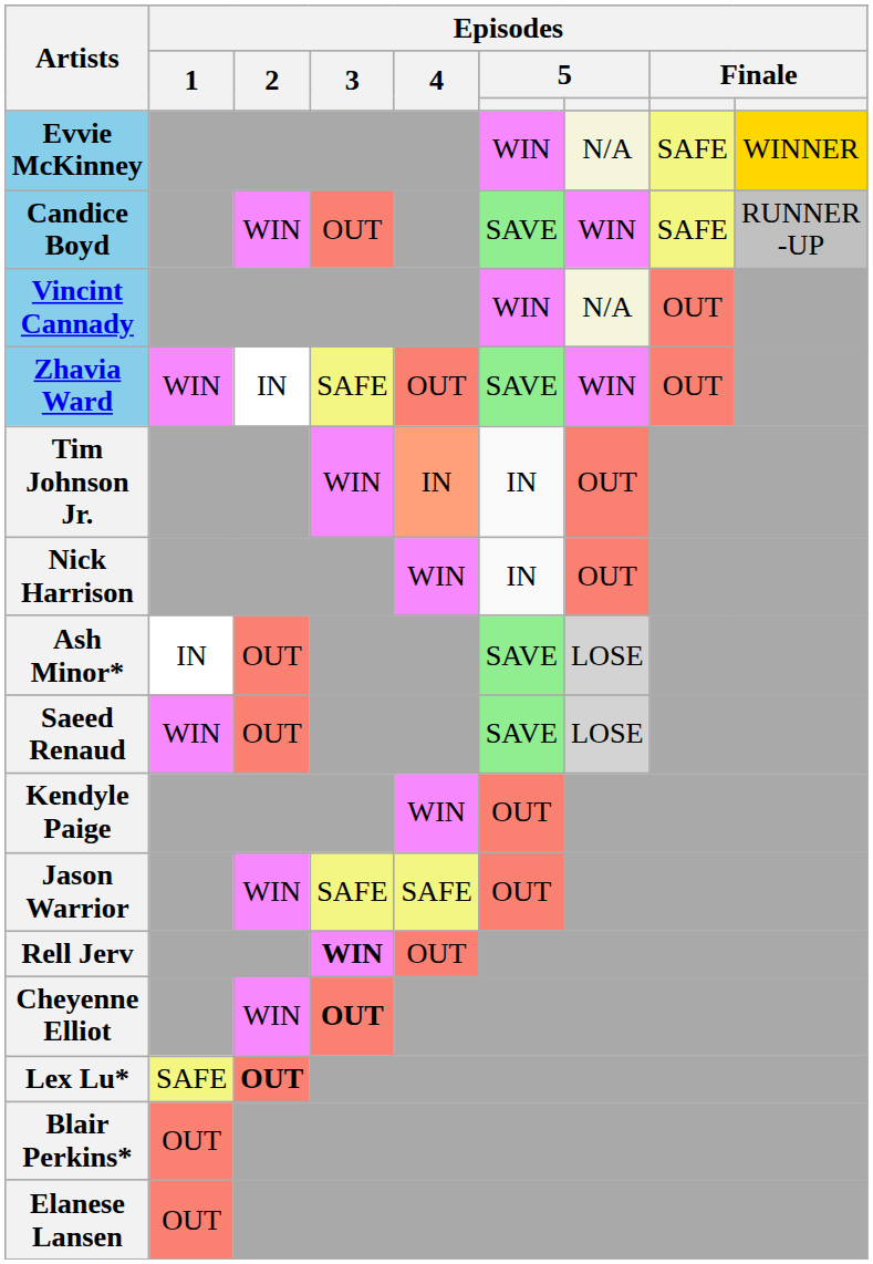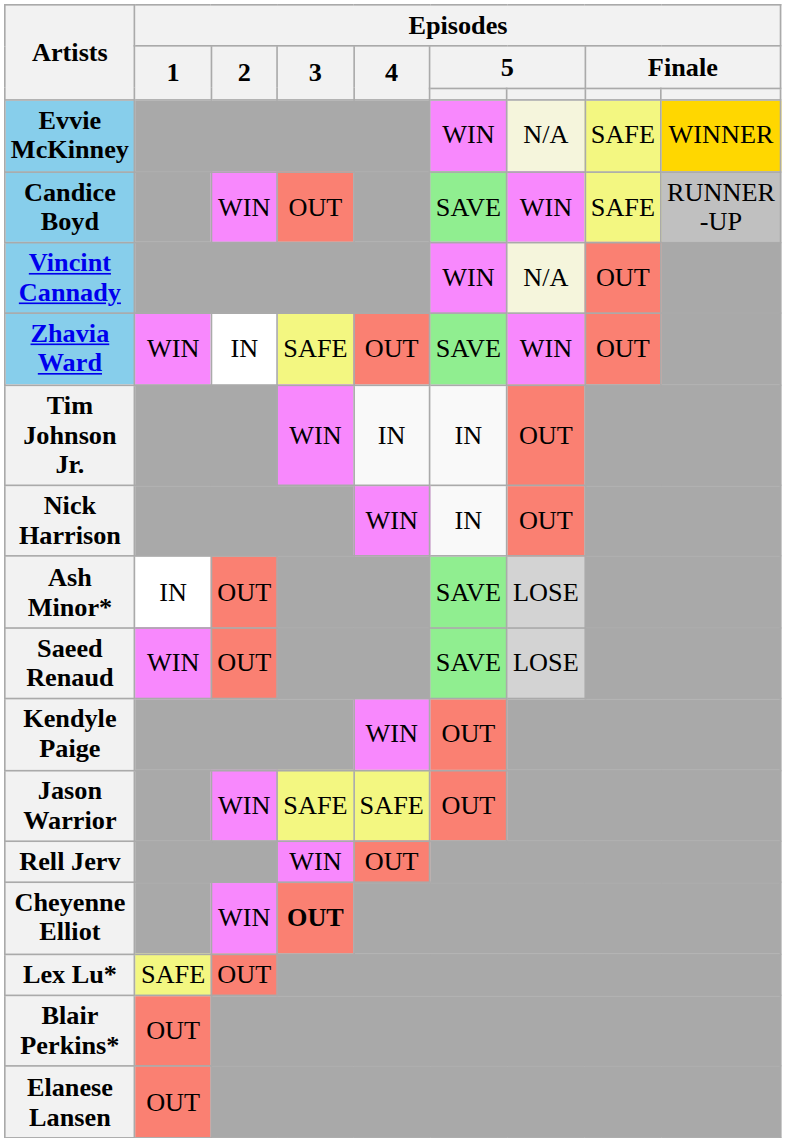 <table class="wikitable" style="text-align:center; width:30%;">
 <tr>
 <th rowspan="3" style="width:12%;">Artists</th>
 <th colspan="9" style="text-align:center;">Episodes</th>
 </tr>
 <tr>
 <th rowspan="2" style="text-align:center; width:4%;">1</th>
 <th rowspan="2" style="text-align:center; width:4%;">2</th>
 <th rowspan="2" style="text-align:center; width:4%;">3</th>
 <th rowspan="2" style="text-align:center; width:4%;">4</th>
 <th colspan="2" style="text-align:center; width:4%;">5</th>
 <th colspan="2" style="text-align:center; width:4%;">Finale</th>
 </tr>
 <tr>
 <th></th>
 <th></th>
 <th></th>
 <th></th>
 </tr>
 <tr>
 <th style="background:skyblue;">Evvie McKinney</th>
 <td colspan="4" style="background:darkgray;"></td>
 <td style="background:#F888FD;">WIN</td>
 <td style="background:beige;">N/A</td>
 <td style="background:#F3F781;">SAFE</td>
 <td style="background:gold;">WINNER</td>
 </tr>
 <tr>
 <th style="background:skyblue;">Candice Boyd</th>
 <td colspan="1" style="background:darkgray;"></td>
 <td style="background:#F888FD;">WIN</td>
 <td style="background:#FA8072;">OUT</td>
 <td colspan="1" style="background:darkgray;"></td>
 <td style="background:lightgreen;">SAVE</td>
 <td style="background:#F888FD;">WIN</td>
 <td style="background:#F3F781;">SAFE</td>
 <td style="background:silver;">RUNNER -UP</td>
 </tr>
 <tr>
 <th style="background:skyblue;"><a href='#'>Vincint Cannady</a></th>
 <td colspan="4" style="background:darkgray;"></td>
 <td style="background:#F888FD;">WIN</td>
 <td style="background:beige;">N/A</td>
 <td style="background:#FA8072;">OUT</td>
 <td style="background:darkgray;"></td>
 </tr>
 <tr>
 <th style="background:skyblue;"><a href='#'>Zhavia Ward</a></th>
 <td style="background:#F888FD;">WIN</td>
 <td style="background:white;">IN</td>
 <td style="background:#F3F781;">SAFE</td>
 <td style="background:#FA8072;">OUT</td>
 <td style="background:lightgreen;">SAVE</td>
 <td style="background:#F888FD;">WIN</td>
 <td style="background:#FA8072;">OUT</td>
 <td style="background:darkgray;"></td>
 </tr>
 <tr>
 <th>Tim Johnson Jr.</th>
 <td colspan="2" style="background:darkgray;"></td>
 <td style="background:#F888FD;">WIN</td>
-<td style="background: lightsalmon;">IN</td>
+<td>IN</td>
 <td>IN</td>
 <td style="background:#FA8072;">OUT</td>
 <td colspan="2" style="background:darkgray;"></td>
 </tr>
 <tr>
 <th>Nick Harrison</th>
 <td colspan="3" style="background:darkgray;"></td>
 <td style="background:#F888FD;">WIN</td>
 <td>IN</td>
 <td style="background:#FA8072;">OUT</td>
 <td colspan="2" style="background:darkgray;"></td>
 </tr>
 <tr>
 <th>Ash Minor*</th>
 <td style="background:white;">IN</td>
 <td style="background:#FA8072;">OUT</td>
 <td colspan="2" style="background:darkgray;"></td>
 <td style="background:lightgreen;">SAVE</td>
 <td style="background:lightgray;">LOSE</td>
 <td colspan="2" style="background:darkgray;"></td>
 </tr>
 <tr>
 <th>Saeed Renaud</th>
 <td style="background:#F888FD;">WIN</td>
 <td style="background:#FA8072;">OUT</td>
 <td colspan="2" style="background:darkgray;"></td>
 <td style="background:lightgreen;">SAVE</td>
 <td style="background:lightgray;">LOSE</td>
 <td colspan="2" style="background:darkgray;"></td>
 </tr>
 <tr>
 <th>Kendyle Paige</th>
 <td colspan="3" style="background:darkgray;"></td>
 <td style="background:#F888FD;">WIN</td>
 <td style="background:#FA8072;">OUT</td>
 <td colspan="3" style="background:darkgray;"></td>
 </tr>
 <tr>
 <th>Jason Warrior</th>
 <td colspan="1" style="background:darkgray;"></td>
 <td style="background:#F888FD;">WIN</td>
 <td style="background:#F3F781;">SAFE</td>
 <td style="background:#F3F781;">SAFE</td>
 <td style="background:#FA8072;">OUT</td>
 <td colspan="3" style="background:darkgray;"></td>
 </tr>
 <tr>
 <th>Rell Jerv</th>
 <td colspan="2" style="background:darkgray;"></td>
-<td style="background:#F888FD;"><strong>WIN</strong></td>
+<td style="background:#F888FD;">WIN</td>
 <td style="background:#FA8072;">OUT</td>
 <td colspan="5" style="background:darkgray;"></td>
 </tr>
 <tr>
 <th>Cheyenne Elliot</th>
 <td colspan="1" style="background:darkgray;"></td>
 <td style="background:#F888FD;">WIN</td>
 <td style="background:#FA8072;"><strong>OUT</strong></td>
 <td colspan="6" style="background:darkgray;"></td>
 </tr>
 <tr>
 <th>Lex Lu*</th>
 <td style="background:#F3F781;">SAFE</td>
-<td style="background:#FA8072;"><strong>OUT</strong></td>
+<td style="background:#FA8072;">OUT</td>
 <td colspan="7" style="background:darkgray;"></td>
 </tr>
 <tr>
 <th>Blair Perkins*</th>
 <td style="background:#FA8072;">OUT</td>
 <td colspan="8" style="background:darkgray;"></td>
 </tr>
 <tr>
 <th>Elanese Lansen</th>
 <td style="background:#FA8072;">OUT</td>
 <td colspan="8" style="background:darkgray;"></td>
 </tr>
 <tr>
 </tr>
 </table>
